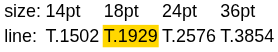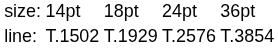 <table style="margin-left:40px;">
 <tr>
 <td>size:</td>
 <td>14pt</td>
 <td>18pt</td>
 <td>24pt</td>
 <td>36pt</td>
 </tr>
 <tr>
 <td>line:</td>
 <td>T.1502</td>
-<td style="background: gold;">T.1929</td>
+<td>T.1929</td>
 <td>T.2576</td>
 <td>T.3854</td>
 </tr>
 </table>
